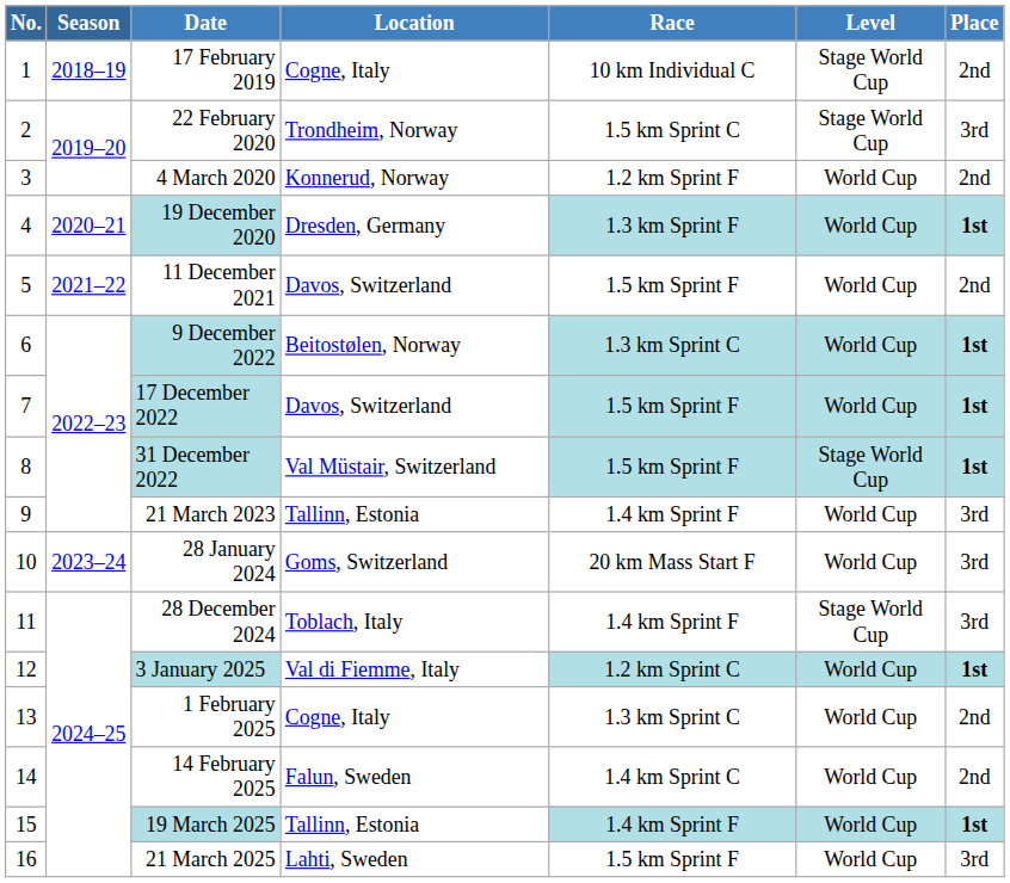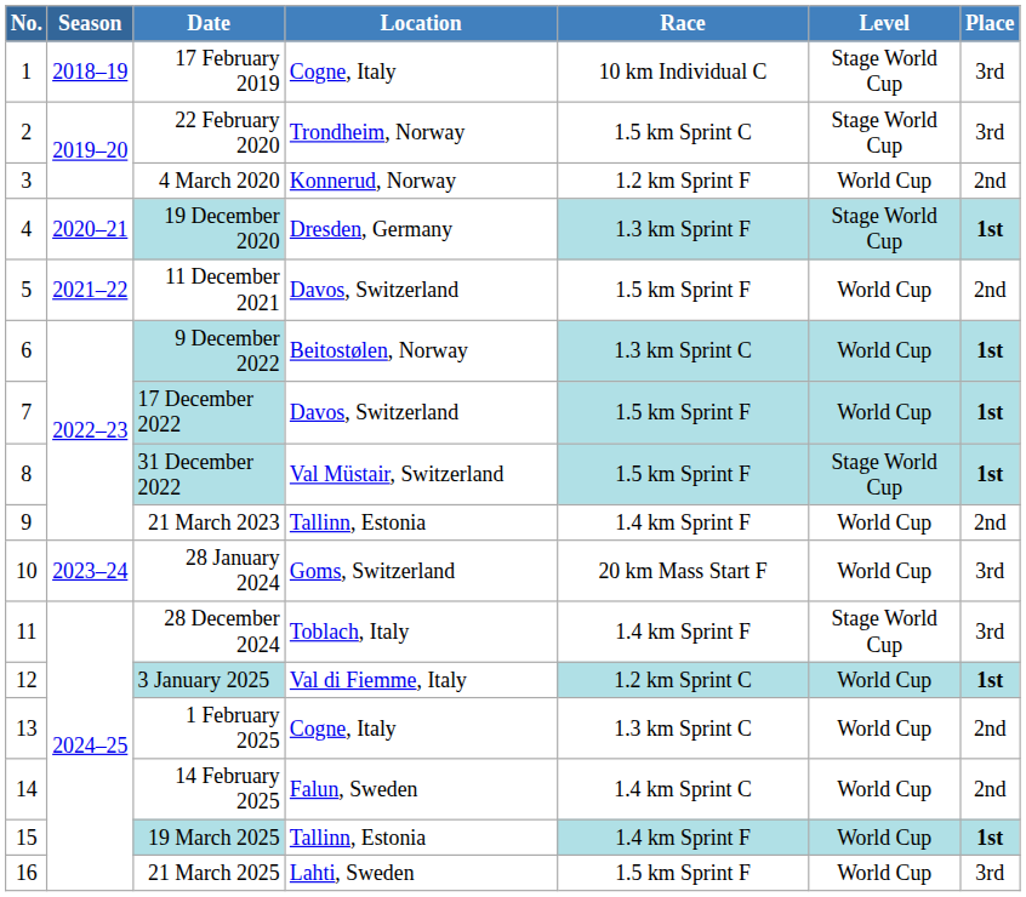 <table class="wikitable sortable" style="font-size:95%; text-align:center; border:grey solid 1px; border-collapse:collapse; background:#ffffff;">
 <tr style="background:#efefef;">
 <th style="background-color:#369; color:white;">No.</th>
 <th style="background-color:#369; color:white;">Season</th>
 <th style="background-color:#4180be; color:white; width:100px;">Date</th>
 <th style="background-color:#4180be; color:white; width:185px;">Location</th>
 <th style="background-color:#4180be; color:white; width:170px;">Race</th>
 <th style="background-color:#4180be; color:white; width:100px;">Level</th>
 <th style="background-color:#4180be; color:white;">Place</th>
 </tr>
 <tr>
 <td align=center>1</td>
 <td align=center><a href='#'>2018–19</a></td>
 <td align=right>17 February 2019</td>
 <td align=left> <a href='#'>Cogne</a>, Italy</td>
 <td>10 km Individual C</td>
 <td>Stage World Cup</td>
-<td>2nd</td>
+<td>3rd</td>
 </tr>
 <tr>
 <td align=center>2</td>
 <td align=center rowspan=2><a href='#'>2019–20</a></td>
 <td align=right>22 February 2020</td>
 <td align=left> <a href='#'>Trondheim</a>, Norway</td>
 <td>1.5 km Sprint C</td>
 <td>Stage World Cup</td>
 <td>3rd</td>
 </tr>
 <tr>
 <td align=center>3</td>
 <td align=right>4 March 2020</td>
 <td align=left> <a href='#'>Konnerud</a>, Norway</td>
 <td>1.2 km Sprint F</td>
 <td>World Cup</td>
 <td>2nd</td>
 </tr>
 <tr>
 <td align=center>4</td>
 <td rowspan=1 align=center><a href='#'>2020–21</a></td>
 <td bgcolor="#BOEOE6" align=right>19 December 2020</td>
 <td align=left> <a href='#'>Dresden</a>, Germany</td>
 <td bgcolor="#BOEOE6">1.3 km Sprint F</td>
-<td bgcolor="#BOEOE6">World Cup</td>
+<td bgcolor="#BOEOE6">Stage World Cup</td>
 <td bgcolor="#BOEOE6"><strong>1st</strong></td>
 </tr>
 <tr>
 <td align=center>5</td>
 <td rowspan=1 align=center><a href='#'>2021–22</a></td>
 <td align=right>11 December 2021</td>
 <td align=left> <a href='#'>Davos</a>, Switzerland</td>
 <td>1.5 km Sprint F</td>
 <td>World Cup</td>
 <td>2nd</td>
 </tr>
 <tr>
 <td align=center>6</td>
 <td rowspan=4 align=center><a href='#'>2022–23</a></td>
 <td bgcolor="#BOEOE6" align=right>9 December 2022</td>
 <td align=left> <a href='#'>Beitostølen</a>, Norway</td>
 <td bgcolor="#BOEOE6">1.3 km Sprint C</td>
 <td bgcolor="#BOEOE6">World Cup</td>
 <td bgcolor="#BOEOE6"><strong>1st</strong></td>
 </tr>
 <tr>
 <td align=center>7</td>
 <td align=left bgcolor="#BOEOE6" align=right>17 December 2022</td>
 <td align=left> <a href='#'>Davos</a>, Switzerland</td>
 <td bgcolor="#BOEOE6" align=center>1.5 km Sprint F</td>
 <td bgcolor="#BOEOE6">World Cup</td>
 <td bgcolor="#BOEOE6"><strong>1st</strong></td>
 </tr>
 <tr>
 <td align=center>8</td>
 <td align=left bgcolor="#BOEOE6" align=right>31 December 2022</td>
 <td align=left> <a href='#'>Val Müstair</a>, Switzerland</td>
 <td bgcolor="#BOEOE6" align=center>1.5 km Sprint F</td>
 <td bgcolor="#BOEOE6">Stage World Cup</td>
 <td bgcolor="#BOEOE6"><strong>1st</strong></td>
 </tr>
 <tr>
 <td align=center>9</td>
 <td align=right>21 March 2023</td>
 <td align=left> <a href='#'>Tallinn</a>, Estonia</td>
 <td>1.4 km Sprint F</td>
 <td>World Cup</td>
-<td>3rd</td>
+<td>2nd</td>
 </tr>
 <tr>
 <td align=center>10</td>
 <td rowspan=1 align=center><a href='#'>2023–24</a></td>
 <td align=right>28 January 2024</td>
 <td align=left> <a href='#'>Goms</a>, Switzerland</td>
 <td>20 km Mass Start F</td>
 <td>World Cup</td>
 <td>3rd</td>
 </tr>
 <tr>
 <td align=center>11</td>
 <td rowspan=6 align=center><a href='#'>2024–25</a></td>
 <td align=right>28 December 2024</td>
 <td align=left> <a href='#'>Toblach</a>, Italy</td>
 <td>1.4 km Sprint F</td>
 <td>Stage World Cup</td>
 <td>3rd</td>
 </tr>
 <tr>
 <td align=center>12</td>
 <td align=left bgcolor="#BOEOE6" align=right>3 January 2025</td>
 <td align=left> <a href='#'>Val di Fiemme</a>, Italy</td>
 <td bgcolor="#BOEOE6" align=center>1.2 km Sprint C</td>
 <td bgcolor="#BOEOE6">World Cup</td>
 <td bgcolor="#BOEOE6"><strong>1st</strong></td>
 </tr>
 <tr>
 <td align=center>13</td>
 <td align=right>1 February 2025</td>
 <td align=left> <a href='#'>Cogne</a>, Italy</td>
 <td>1.3 km Sprint C</td>
 <td>World Cup</td>
 <td>2nd</td>
 </tr>
 <tr>
 <td align=center>14</td>
 <td align=right>14 February 2025</td>
 <td align=left> <a href='#'>Falun</a>, Sweden</td>
 <td>1.4 km Sprint C</td>
 <td>World Cup</td>
 <td>2nd</td>
 </tr>
 <tr>
 <td align=center>15</td>
 <td bgcolor="#BOEOE6" align=right>19 March 2025</td>
 <td align=left> <a href='#'>Tallinn</a>, Estonia</td>
 <td bgcolor="#BOEOE6">1.4 km Sprint F</td>
 <td bgcolor="#BOEOE6">World Cup</td>
 <td bgcolor="#BOEOE6"><strong>1st</strong></td>
 </tr>
 <tr>
 <td align=center>16</td>
 <td align=right>21 March 2025</td>
 <td align=left> <a href='#'>Lahti</a>, Sweden</td>
 <td>1.5 km Sprint F</td>
 <td>World Cup</td>
 <td>3rd</td>
 </tr>
 </table>
